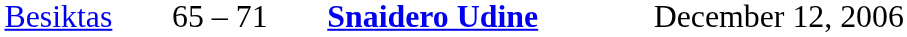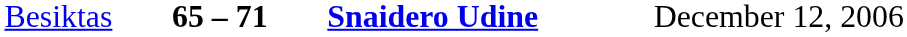 <table style="text-align:center">
 <tr>
 <th width=160></th>
 <th width=100></th>
 <th width=160></th>
 <th width=200></th>
 </tr>
 <tr>
 <td align="right"><a href='#'>Besiktas</a> </td>
-<td>65 – 71</td>
+<td><strong>65 – 71</strong></td>
 <td align=left> <strong><a href='#'>Snaidero Udine</a></strong></td>
 <td align=left>December 12, 2006</td>
 </tr>
 </table>
